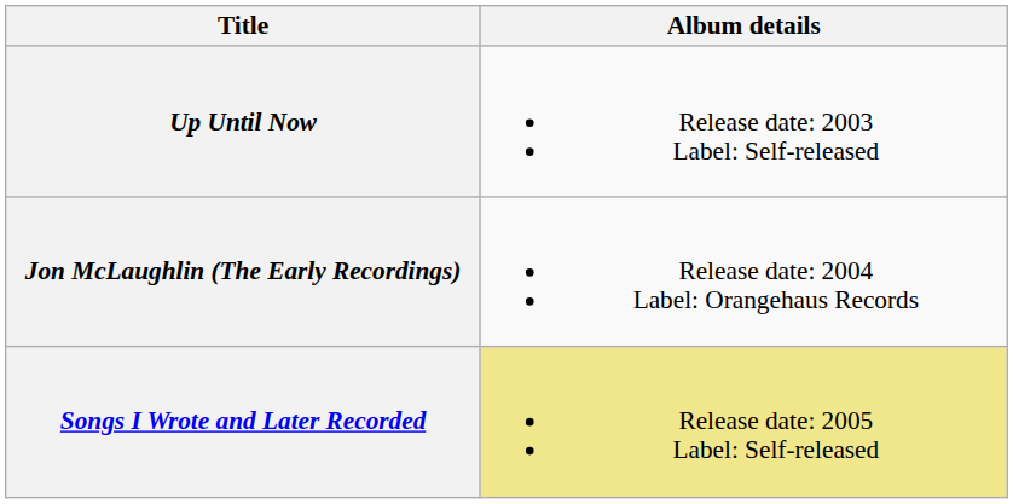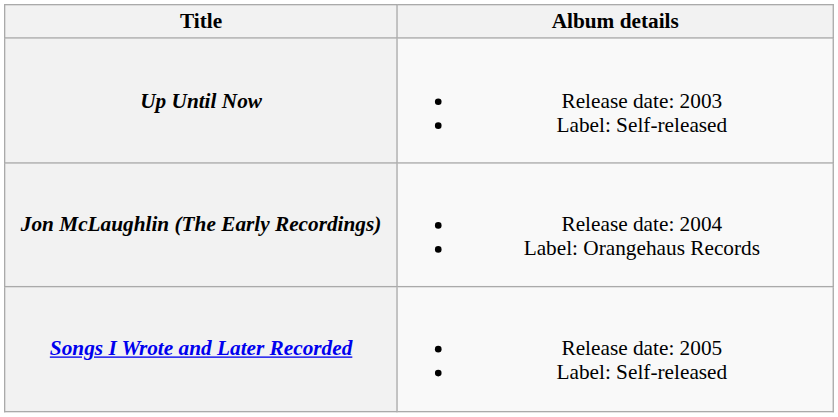 <table class="wikitable plainrowheaders" style="text-align:center;">
 <tr>
 <th style="width:18em;">Title</th>
 <th style="width:20em;">Album details</th>
 </tr>
 <tr>
 <th scope="row"><em>Up Until Now</em></th>
 <td><br><ul><li>Release date: 2003</li><li>Label: Self-released</li></ul></td>
 </tr>
 <tr>
 <th scope="row"><em>Jon McLaughlin (The Early Recordings)</em></th>
 <td><br><ul><li>Release date: 2004</li><li>Label: Orangehaus Records</li></ul></td>
 </tr>
 <tr>
 <th scope="row"><em><a href='#'>Songs I Wrote and Later Recorded</a></em></th>
-<td style="background: khaki;"><br><ul><li>Release date: 2005</li><li>Label: Self-released</li></ul></td>
+<td><br><ul><li>Release date: 2005</li><li>Label: Self-released</li></ul></td>
 </tr>
 </table>
